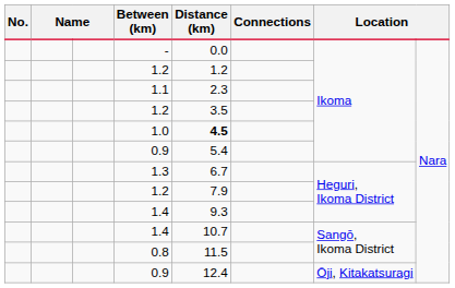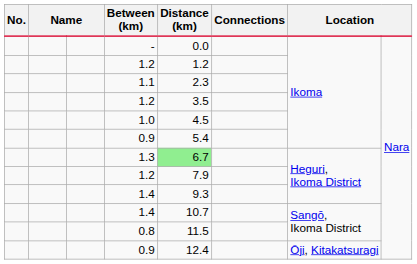 <table class="wikitable" rules="all">
 <tr>
 <th style="border-bottom:solid 2px crimson;">No.</th>
 <th colspan="2" style="width:6em; border-bottom:solid 2px crimson;">Name</th>
 <th style="width:3em; border-bottom:solid 2px crimson;">Between (km)</th>
 <th style="width:3em; border-bottom:solid 2px crimson;">Distance (km)</th>
 <th style="border-bottom:solid 2px crimson;">Connections</th>
 <th colspan=2 style="border-bottom:solid 2px crimson;">Location</th>
 </tr>
 <tr>
 <td></td>
 <td></td>
 <td></td>
 <td style="text-align:right;">-</td>
 <td style="text-align:right;">0.0</td>
 <td></td>
 <td rowspan=6><a href='#'>Ikoma</a></td>
 <td style="text-align:center; width:1.5em;" rowspan="12"><a href='#'>Nara</a></td>
 </tr>
 <tr>
 <td></td>
 <td></td>
 <td></td>
 <td style="text-align:right;">1.2</td>
 <td style="text-align:right;">1.2</td>
 <td> </td>
 </tr>
 <tr>
 <td></td>
 <td></td>
 <td></td>
 <td style="text-align:right;">1.1</td>
 <td style="text-align:right;">2.3</td>
 <td> </td>
 </tr>
 <tr>
 <td></td>
 <td></td>
 <td></td>
 <td style="text-align:right;">1.2</td>
 <td style="text-align:right;">3.5</td>
 <td> </td>
 </tr>
 <tr>
 <td></td>
 <td></td>
 <td></td>
 <td style="text-align:right;">1.0</td>
-<td style="text-align:right;"><strong>4.5</strong></td>
+<td style="text-align:right;">4.5</td>
 <td> </td>
 </tr>
 <tr>
 <td></td>
 <td></td>
 <td></td>
 <td style="text-align:right;">0.9</td>
 <td style="text-align:right;">5.4</td>
 <td> </td>
 </tr>
 <tr>
 <td></td>
 <td></td>
 <td></td>
 <td style="text-align:right;">1.3</td>
-<td style="text-align:right;">6.7</td>
+<td style="background: lightgreen; text-align:right;">6.7</td>
 <td> </td>
 <td rowspan=3><a href='#'>Heguri</a>,<br><a href='#'>Ikoma District</a></td>
 </tr>
 <tr>
 <td></td>
 <td></td>
 <td></td>
 <td style="text-align:right;">1.2</td>
 <td style="text-align:right;">7.9</td>
 <td> </td>
 </tr>
 <tr>
 <td></td>
 <td></td>
 <td></td>
 <td style="text-align:right;">1.4</td>
 <td style="text-align:right;">9.3</td>
 <td> </td>
 </tr>
 <tr>
 <td></td>
 <td></td>
 <td></td>
 <td style="text-align:right;">1.4</td>
 <td style="text-align:right;">10.7</td>
 <td> </td>
 <td rowspan=2><a href='#'>Sangō</a>,<br>Ikoma District</td>
 </tr>
 <tr>
 <td></td>
 <td></td>
 <td></td>
 <td style="text-align:right;">0.8</td>
 <td style="text-align:right;">11.5</td>
 <td> </td>
 </tr>
 <tr>
 <td></td>
 <td></td>
 <td></td>
 <td style="text-align:right;">0.9</td>
 <td style="text-align:right;">12.4</td>
 <td></td>
 <td><a href='#'>Ōji</a>, <a href='#'>Kitakatsuragi</a></td>
 </tr>
 </table>
